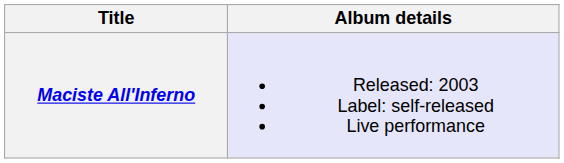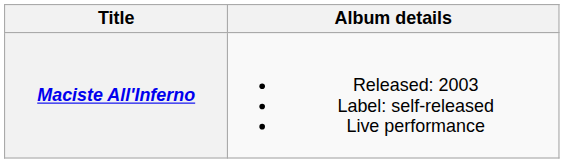 <table class="wikitable plainrowheaders" style="text-align:center;">
 <tr>
 <th scope="col" style="width:12em;">Title</th>
 <th scope="col" style="width:18em;">Album details</th>
 </tr>
 <tr>
 <th scope="row"><em><a href='#'>Maciste All'Inferno</a></em></th>
-<td style="background: lavender;"><br><ul><li>Released: 2003</li><li>Label: self-released</li><li>Live performance</li></ul></td>
+<td><br><ul><li>Released: 2003</li><li>Label: self-released</li><li>Live performance</li></ul></td>
 </tr>
 </table>
